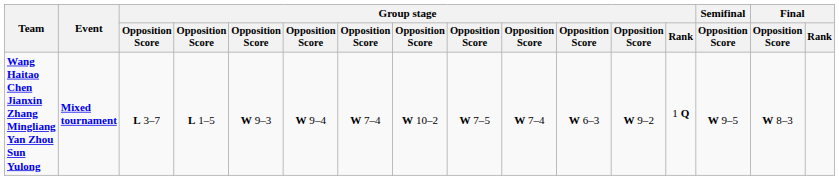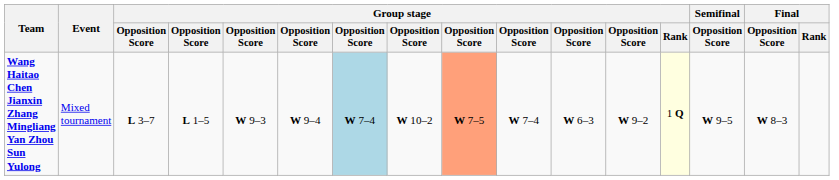 <table class=wikitable style="font-size:90%">
 <tr>
 <th rowspan=2>Team</th>
 <th rowspan=2>Event</th>
 <th colspan=11>Group stage</th>
 <th>Semifinal</th>
 <th colspan=2>Final</th>
 </tr>
 <tr style="font-size:95%">
 <th>Opposition<br>Score</th>
 <th>Opposition<br>Score</th>
 <th>Opposition<br>Score</th>
 <th>Opposition<br>Score</th>
 <th>Opposition<br>Score</th>
 <th>Opposition<br>Score</th>
 <th>Opposition<br>Score</th>
 <th>Opposition<br>Score</th>
 <th>Opposition<br>Score</th>
 <th>Opposition<br>Score</th>
 <th>Rank</th>
 <th>Opposition<br>Score</th>
 <th>Opposition<br>Score</th>
 <th>Rank</th>
 </tr>
 <tr align="center">
 <td align="left"><strong><a href='#'>Wang Haitao</a><br><a href='#'>Chen Jianxin</a><br><a href='#'>Zhang Mingliang</a><br><a href='#'>Yan Zhou</a><br><a href='#'>Sun Yulong</a></strong></td>
-<td align="left"><strong><a href='#'>Mixed tournament</a></strong></td>
+<td align="left"><a href='#'>Mixed tournament</a></td>
 <td><br><strong>L</strong> 3–7</td>
 <td><br><strong>L</strong> 1–5</td>
 <td><br><strong>W</strong> 9–3</td>
 <td><br><strong>W</strong> 9–4</td>
-<td><br><strong>W</strong> 7–4</td>
+<td style="background: lightblue;"><br><strong>W</strong> 7–4</td>
 <td><br><strong>W</strong> 10–2</td>
-<td><br><strong>W</strong> 7–5</td>
+<td style="background: lightsalmon;"><br><strong>W</strong> 7–5</td>
 <td><br><strong>W</strong> 7–4</td>
 <td><br><strong>W</strong> 6–3</td>
 <td><br><strong>W</strong> 9–2</td>
-<td>1 <strong>Q</strong></td>
+<td style="background: lightyellow;">1 <strong>Q</strong></td>
 <td><br><strong>W</strong> 9–5</td>
 <td><br><strong>W</strong> 8–3</td>
 <td></td>
 </tr>
 </table>
